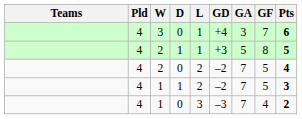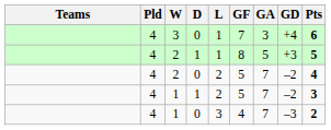 <table class="wikitable" style="text-align: center;">
 <tr>
 <th width=165>Teams</th>
 <th width=20>Pld</th>
 <th width=20>W</th>
 <th width=20>D</th>
 <th width=20>L</th>
+<th width=20>GF</th>
+<th width=20>GA</th>
 <th width=20>GD</th>
-<th width=20>GA</th>
-<th width=20>GF</th>
 <th width=20>Pts</th>
 </tr>
 <tr align=center style="background:#ccffcc;">
 <td style="text-align:left;"></td>
 <td>4</td>
 <td>3</td>
 <td>0</td>
 <td>1</td>
+<td>7</td>
+<td>3</td>
 <td>+4</td>
-<td>3</td>
-<td>7</td>
 <td><strong>6</strong></td>
 </tr>
 <tr align=center style="background:#ccffcc;">
 <td style="text-align:left;"></td>
 <td>4</td>
 <td>2</td>
 <td>1</td>
 <td>1</td>
+<td>8</td>
+<td>5</td>
 <td>+3</td>
-<td>5</td>
-<td>8</td>
 <td><strong>5</strong></td>
 </tr>
 <tr align=center>
 <td style="text-align:left;"></td>
 <td>4</td>
 <td>2</td>
 <td>0</td>
 <td>2</td>
+<td>5</td>
+<td>7</td>
 <td>–2</td>
-<td>7</td>
-<td>5</td>
 <td><strong>4</strong></td>
 </tr>
 <tr align=center>
 <td style="text-align:left;"></td>
 <td>4</td>
 <td>1</td>
 <td>1</td>
 <td>2</td>
+<td>5</td>
+<td>7</td>
 <td>–2</td>
-<td>7</td>
-<td>5</td>
 <td><strong>3</strong></td>
 </tr>
 <tr align=center>
 <td style="text-align:left;"></td>
 <td>4</td>
 <td>1</td>
 <td>0</td>
 <td>3</td>
+<td>4</td>
+<td>7</td>
 <td>–3</td>
-<td>7</td>
-<td>4</td>
 <td><strong>2</strong></td>
 </tr>
 </table>
